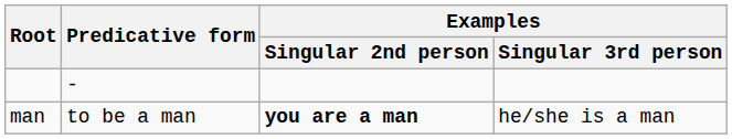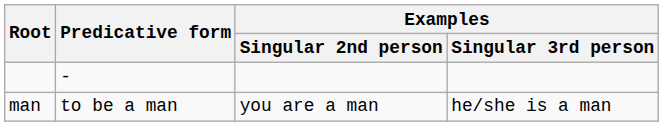 <table class="wikitable">
 <tr>
 <th rowspan=2>Root</th>
 <th rowspan=2>Predicative form</th>
 <th colspan=2>Examples</th>
 </tr>
 <tr>
 <th>Singular 2nd person</th>
 <th>Singular 3rd person</th>
 </tr>
 <tr>
 <td></td>
 <td>-</td>
 <td></td>
 <td></td>
 </tr>
 <tr>
 <td>man</td>
 <td>to be a man</td>
-<td><strong>you are a man</strong></td>
+<td>you are a man</td>
 <td>he/she is a man</td>
 </tr>
 </table>
